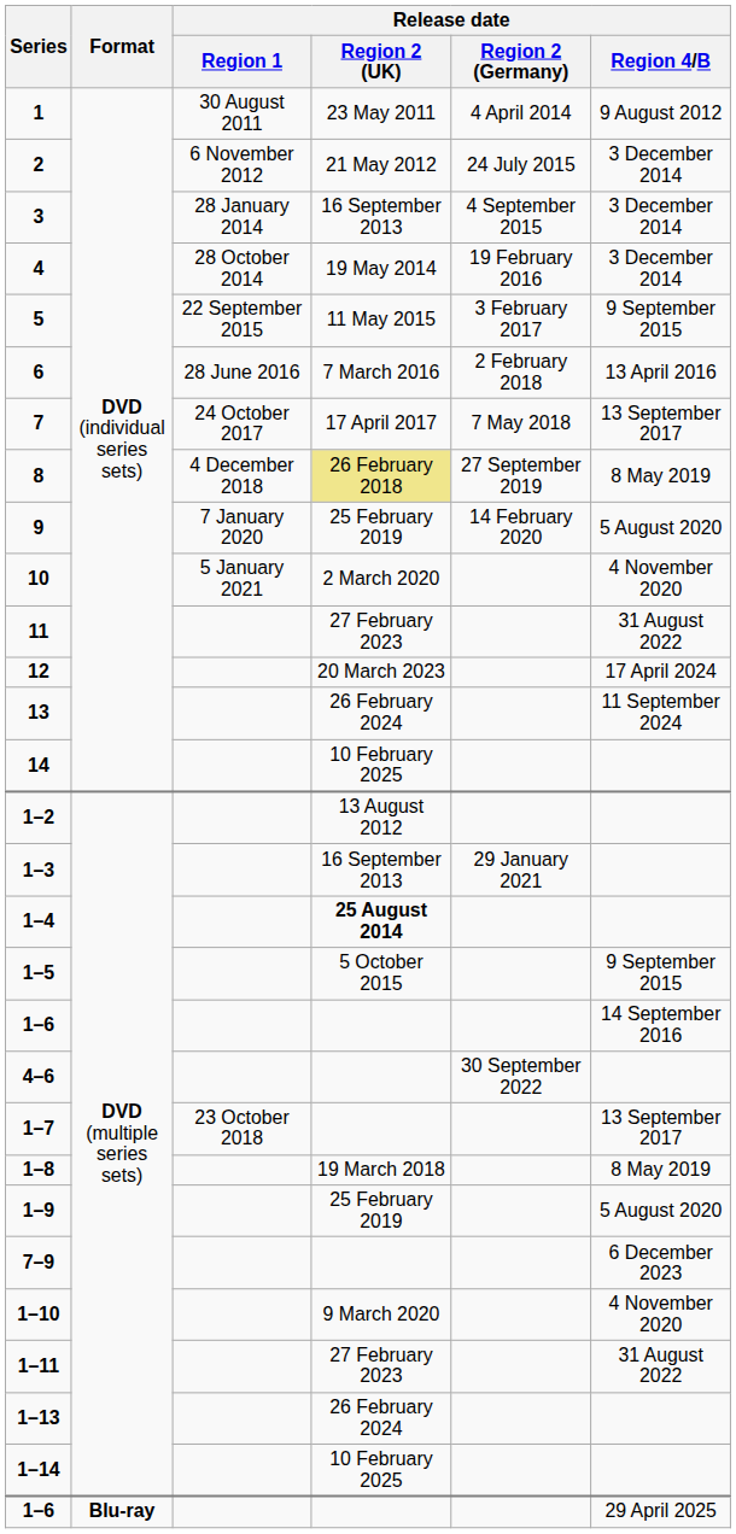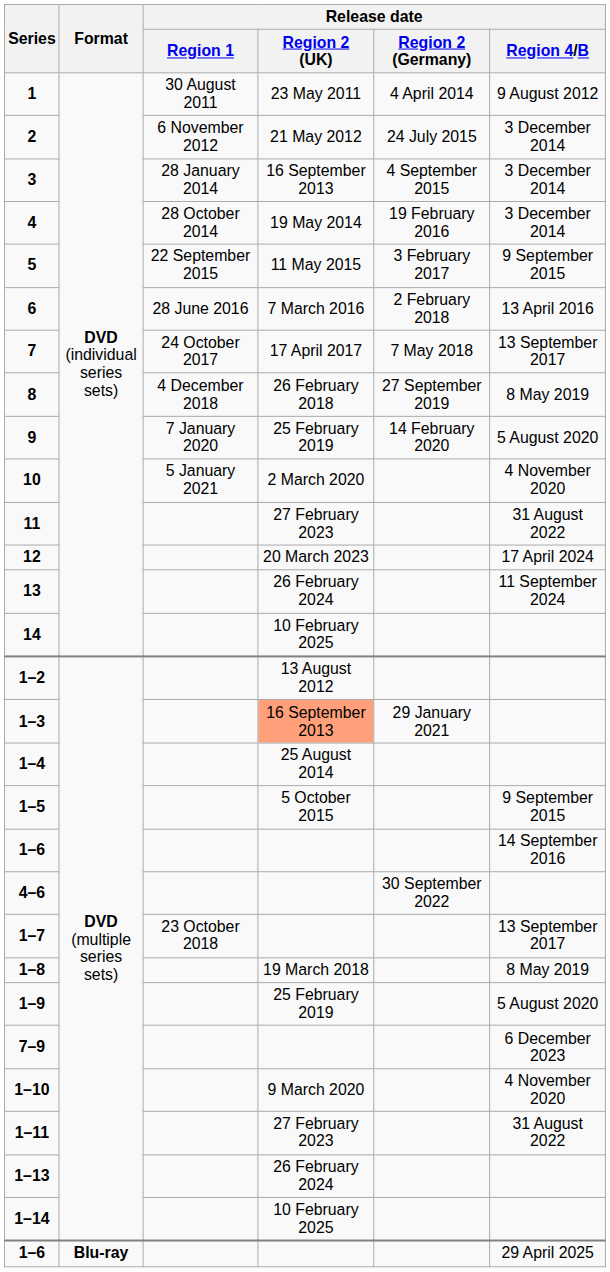 <table class="wikitable" style="text-align:center;">
 <tr>
 <th rowspan="2">Series</th>
 <th rowspan="2">Format</th>
 <th colspan="4">Release date</th>
 </tr>
 <tr>
 <th><a href='#'>Region 1</a></th>
 <th><a href='#'>Region 2</a><br>(UK)</th>
 <th><a href='#'>Region 2</a><br>(Germany)</th>
 <th><a href='#'>Region 4</a>/<a href='#'>B</a></th>
 </tr>
 <tr>
 <td><strong>1</strong></td>
 <td rowspan="14"><strong>DVD</strong><br>(individual<br>series sets)</td>
 <td>30 August 2011</td>
 <td>23 May 2011</td>
 <td>4 April 2014</td>
 <td>9 August 2012</td>
 </tr>
 <tr>
 <td><strong>2</strong></td>
 <td>6 November 2012</td>
 <td>21 May 2012</td>
 <td>24 July 2015</td>
 <td>3 December 2014</td>
 </tr>
 <tr>
 <td><strong>3</strong></td>
 <td>28 January 2014</td>
 <td>16 September 2013</td>
 <td>4 September 2015</td>
 <td>3 December 2014</td>
 </tr>
 <tr>
 <td><strong>4</strong></td>
 <td>28 October 2014</td>
 <td>19 May 2014</td>
 <td>19 February 2016</td>
 <td>3 December 2014</td>
 </tr>
 <tr>
 <td><strong>5</strong></td>
 <td>22 September 2015</td>
 <td>11 May 2015</td>
 <td>3 February 2017</td>
 <td>9 September 2015</td>
 </tr>
 <tr>
 <td><strong>6</strong></td>
 <td>28 June 2016</td>
 <td>7 March 2016</td>
 <td>2 February 2018</td>
 <td>13 April 2016</td>
 </tr>
 <tr>
 <td><strong>7</strong></td>
 <td>24 October 2017</td>
 <td>17 April 2017</td>
 <td>7 May 2018</td>
 <td>13 September 2017</td>
 </tr>
 <tr>
 <td><strong>8</strong></td>
 <td>4 December 2018</td>
-<td style="background: khaki;">26 February 2018</td>
+<td>26 February 2018</td>
 <td>27 September 2019</td>
 <td>8 May 2019</td>
 </tr>
 <tr>
 <td><strong>9</strong></td>
 <td>7 January 2020</td>
 <td>25 February 2019</td>
 <td>14 February 2020</td>
 <td>5 August 2020</td>
 </tr>
 <tr>
 <td><strong>10</strong></td>
 <td>5 January 2021</td>
 <td>2 March 2020</td>
 <td></td>
 <td>4 November 2020</td>
 </tr>
 <tr>
 <td><strong>11</strong></td>
 <td></td>
 <td>27 February 2023</td>
 <td></td>
 <td>31 August 2022</td>
 </tr>
 <tr>
 <td><strong>12</strong></td>
 <td></td>
 <td>20 March 2023</td>
 <td></td>
 <td>17 April 2024</td>
 </tr>
 <tr>
 <td><strong>13</strong></td>
 <td></td>
 <td>26 February 2024</td>
 <td></td>
 <td>11 September 2024</td>
 </tr>
 <tr>
 <td><strong>14</strong></td>
 <td></td>
 <td>10 February 2025</td>
 <td></td>
 <td></td>
 </tr>
 <tr style="border-top:2px solid gray;">
 <td><strong>1–2</strong></td>
 <td rowspan="14"><strong>DVD</strong><br>(multiple<br>series sets)</td>
 <td></td>
 <td>13 August 2012</td>
 <td></td>
 <td></td>
 </tr>
 <tr>
 <td><strong>1–3</strong></td>
 <td></td>
-<td>16 September 2013</td>
+<td style="background: lightsalmon;">16 September 2013</td>
 <td>29 January 2021</td>
 <td></td>
 </tr>
 <tr>
 <td><strong>1–4</strong></td>
 <td></td>
-<td><strong>25 August 2014</strong></td>
+<td>25 August 2014</td>
 <td></td>
 <td></td>
 </tr>
 <tr>
 <td><strong>1–5</strong></td>
 <td></td>
 <td>5 October 2015</td>
 <td></td>
 <td>9 September 2015</td>
 </tr>
 <tr>
 <td><strong>1–6</strong></td>
 <td></td>
 <td></td>
 <td></td>
 <td>14 September 2016</td>
 </tr>
 <tr>
 <td><strong>4–6</strong></td>
 <td></td>
 <td></td>
 <td>30 September 2022</td>
 <td></td>
 </tr>
 <tr>
 <td><strong>1–7</strong></td>
 <td>23 October 2018</td>
 <td></td>
 <td></td>
 <td>13 September 2017</td>
 </tr>
 <tr>
 <td><strong>1–8</strong></td>
 <td></td>
 <td>19 March 2018</td>
 <td></td>
 <td>8 May 2019</td>
 </tr>
 <tr>
 <td><strong>1–9</strong></td>
 <td></td>
 <td>25 February 2019</td>
 <td></td>
 <td>5 August 2020</td>
 </tr>
 <tr>
 <td><strong>7–9</strong></td>
 <td></td>
 <td></td>
 <td></td>
 <td>6 December 2023</td>
 </tr>
 <tr>
 <td><strong>1–10</strong></td>
 <td></td>
 <td>9 March 2020</td>
 <td></td>
 <td>4 November 2020</td>
 </tr>
 <tr>
 <td><strong>1–11</strong></td>
 <td></td>
 <td>27 February 2023</td>
 <td></td>
 <td>31 August 2022</td>
 </tr>
 <tr>
 <td><strong>1–13</strong></td>
 <td></td>
 <td>26 February 2024</td>
 <td></td>
 <td></td>
 </tr>
 <tr>
 <td><strong>1–14</strong></td>
 <td></td>
 <td>10 February 2025</td>
 <td></td>
 <td></td>
 </tr>
 <tr style="border-top:2px solid gray;">
 <td><strong>1–6</strong></td>
 <td><strong>Blu-ray</strong></td>
 <td></td>
 <td></td>
 <td></td>
 <td>29 April 2025</td>
 </tr>
 </table>
